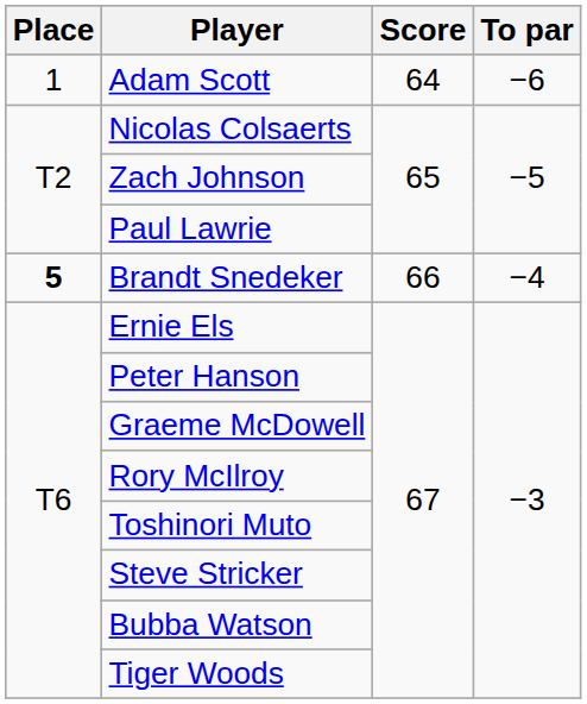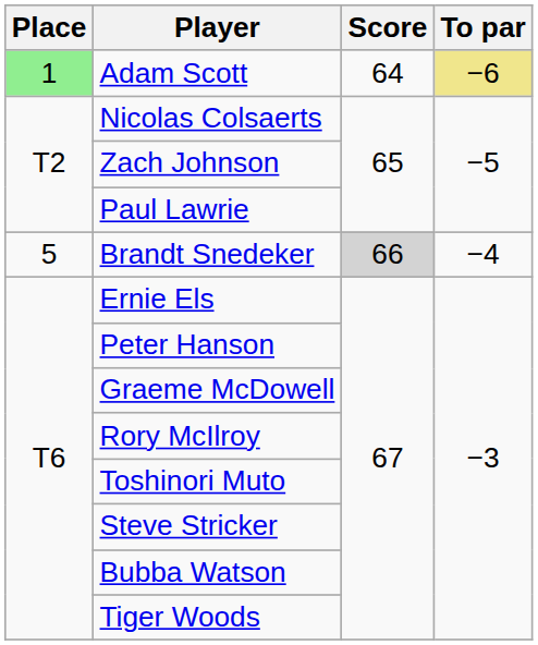 <table class="wikitable">
 <tr>
 <th>Place</th>
 <th>Player</th>
 <th>Score</th>
 <th>To par</th>
 </tr>
 <tr>
-<td style="text-align:center;">1</td>
+<td style="background: lightgreen; text-align:center;">1</td>
 <td> <a href='#'>Adam Scott</a></td>
 <td style="text-align:center;">64</td>
-<td style="text-align:center;">−6</td>
+<td style="background: khaki; text-align:center;">−6</td>
 </tr>
 <tr>
 <td rowspan="3" style="text-align:center;">T2</td>
 <td> <a href='#'>Nicolas Colsaerts</a></td>
 <td rowspan="3" style="text-align:center;">65</td>
 <td rowspan="3" style="text-align:center;">−5</td>
 </tr>
 <tr>
 <td> <a href='#'>Zach Johnson</a></td>
 </tr>
 <tr>
 <td> <a href='#'>Paul Lawrie</a></td>
 </tr>
 <tr>
-<td style="text-align:center;"><strong>5</strong></td>
+<td style="text-align:center;">5</td>
 <td> <a href='#'>Brandt Snedeker</a></td>
-<td style="text-align:center;">66</td>
+<td style="background: lightgrey; text-align:center;">66</td>
 <td style="text-align:center;">−4</td>
 </tr>
 <tr>
 <td rowspan="8" style="text-align:center;">T6</td>
 <td> <a href='#'>Ernie Els</a></td>
 <td rowspan="8" style="text-align:center;">67</td>
 <td rowspan="8" style="text-align:center;">−3</td>
 </tr>
 <tr>
 <td> <a href='#'>Peter Hanson</a></td>
 </tr>
 <tr>
 <td> <a href='#'>Graeme McDowell</a></td>
 </tr>
 <tr>
 <td> <a href='#'>Rory McIlroy</a></td>
 </tr>
 <tr>
 <td> <a href='#'>Toshinori Muto</a></td>
 </tr>
 <tr>
 <td> <a href='#'>Steve Stricker</a></td>
 </tr>
 <tr>
 <td> <a href='#'>Bubba Watson</a></td>
 </tr>
 <tr>
 <td> <a href='#'>Tiger Woods</a></td>
 </tr>
 </table>
